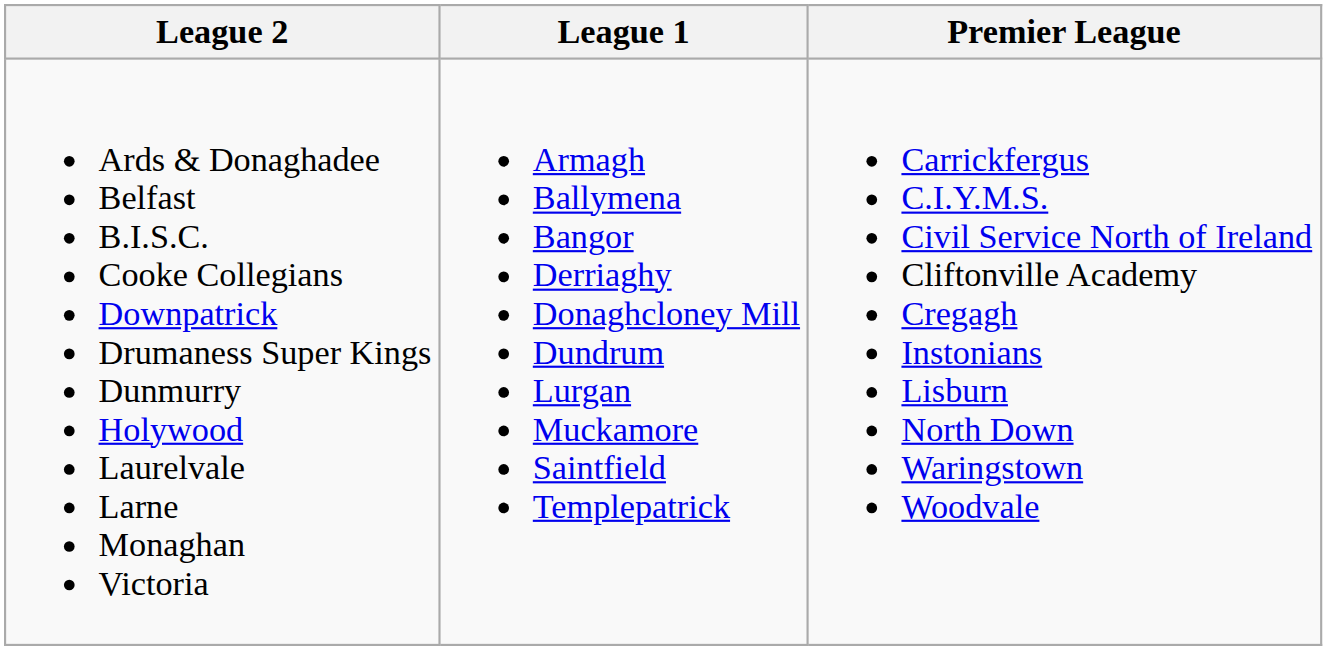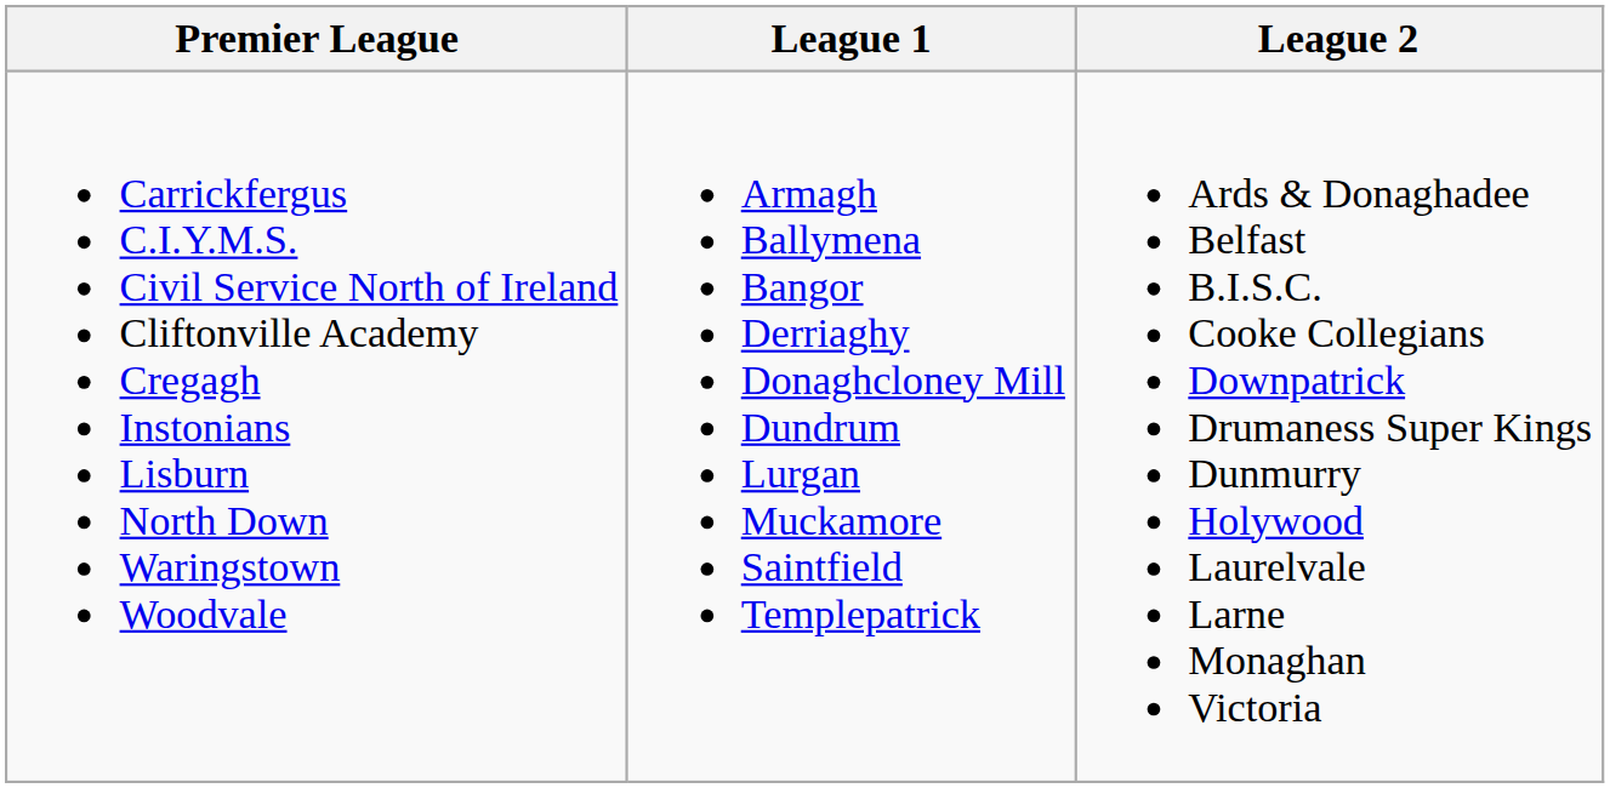 <table class="wikitable">
 <tr>
+<th>Premier League</th>
+<th>League 1</th>
 <th>League 2</th>
-<th>League 1</th>
-<th>Premier League</th>
 </tr>
 <tr>
+<td valign="top"><br><ul><li><a href='#'>Carrickfergus</a></li><li><a href='#'>C.I.Y.M.S.</a></li><li><a href='#'>Civil Service North of Ireland</a></li><li>Cliftonville Academy</li><li><a href='#'>Cregagh</a></li><li><a href='#'>Instonians</a></li><li><a href='#'>Lisburn</a></li><li><a href='#'>North Down</a></li><li><a href='#'>Waringstown</a></li><li><a href='#'>Woodvale</a></li></ul></td>
+<td valign="top"><br><ul><li><a href='#'>Armagh</a></li><li><a href='#'>Ballymena</a></li><li><a href='#'>Bangor</a></li><li><a href='#'>Derriaghy</a></li><li><a href='#'>Donaghcloney Mill</a></li><li><a href='#'>Dundrum</a></li><li><a href='#'>Lurgan</a></li><li><a href='#'>Muckamore</a></li><li><a href='#'>Saintfield</a></li><li><a href='#'>Templepatrick</a></li></ul></td>
 <td valign="top"><br><ul><li>Ards & Donaghadee</li><li>Belfast</li><li>B.I.S.C.</li><li>Cooke Collegians</li><li><a href='#'>Downpatrick</a></li><li>Drumaness Super Kings</li><li>Dunmurry</li><li><a href='#'>Holywood</a></li><li>Laurelvale</li><li>Larne</li><li>Monaghan</li><li>Victoria</li></ul></td>
-<td valign="top"><br><ul><li><a href='#'>Armagh</a></li><li><a href='#'>Ballymena</a></li><li><a href='#'>Bangor</a></li><li><a href='#'>Derriaghy</a></li><li><a href='#'>Donaghcloney Mill</a></li><li><a href='#'>Dundrum</a></li><li><a href='#'>Lurgan</a></li><li><a href='#'>Muckamore</a></li><li><a href='#'>Saintfield</a></li><li><a href='#'>Templepatrick</a></li></ul></td>
-<td valign="top"><br><ul><li><a href='#'>Carrickfergus</a></li><li><a href='#'>C.I.Y.M.S.</a></li><li><a href='#'>Civil Service North of Ireland</a></li><li>Cliftonville Academy</li><li><a href='#'>Cregagh</a></li><li><a href='#'>Instonians</a></li><li><a href='#'>Lisburn</a></li><li><a href='#'>North Down</a></li><li><a href='#'>Waringstown</a></li><li><a href='#'>Woodvale</a></li></ul></td>
 </tr>
 </table>
